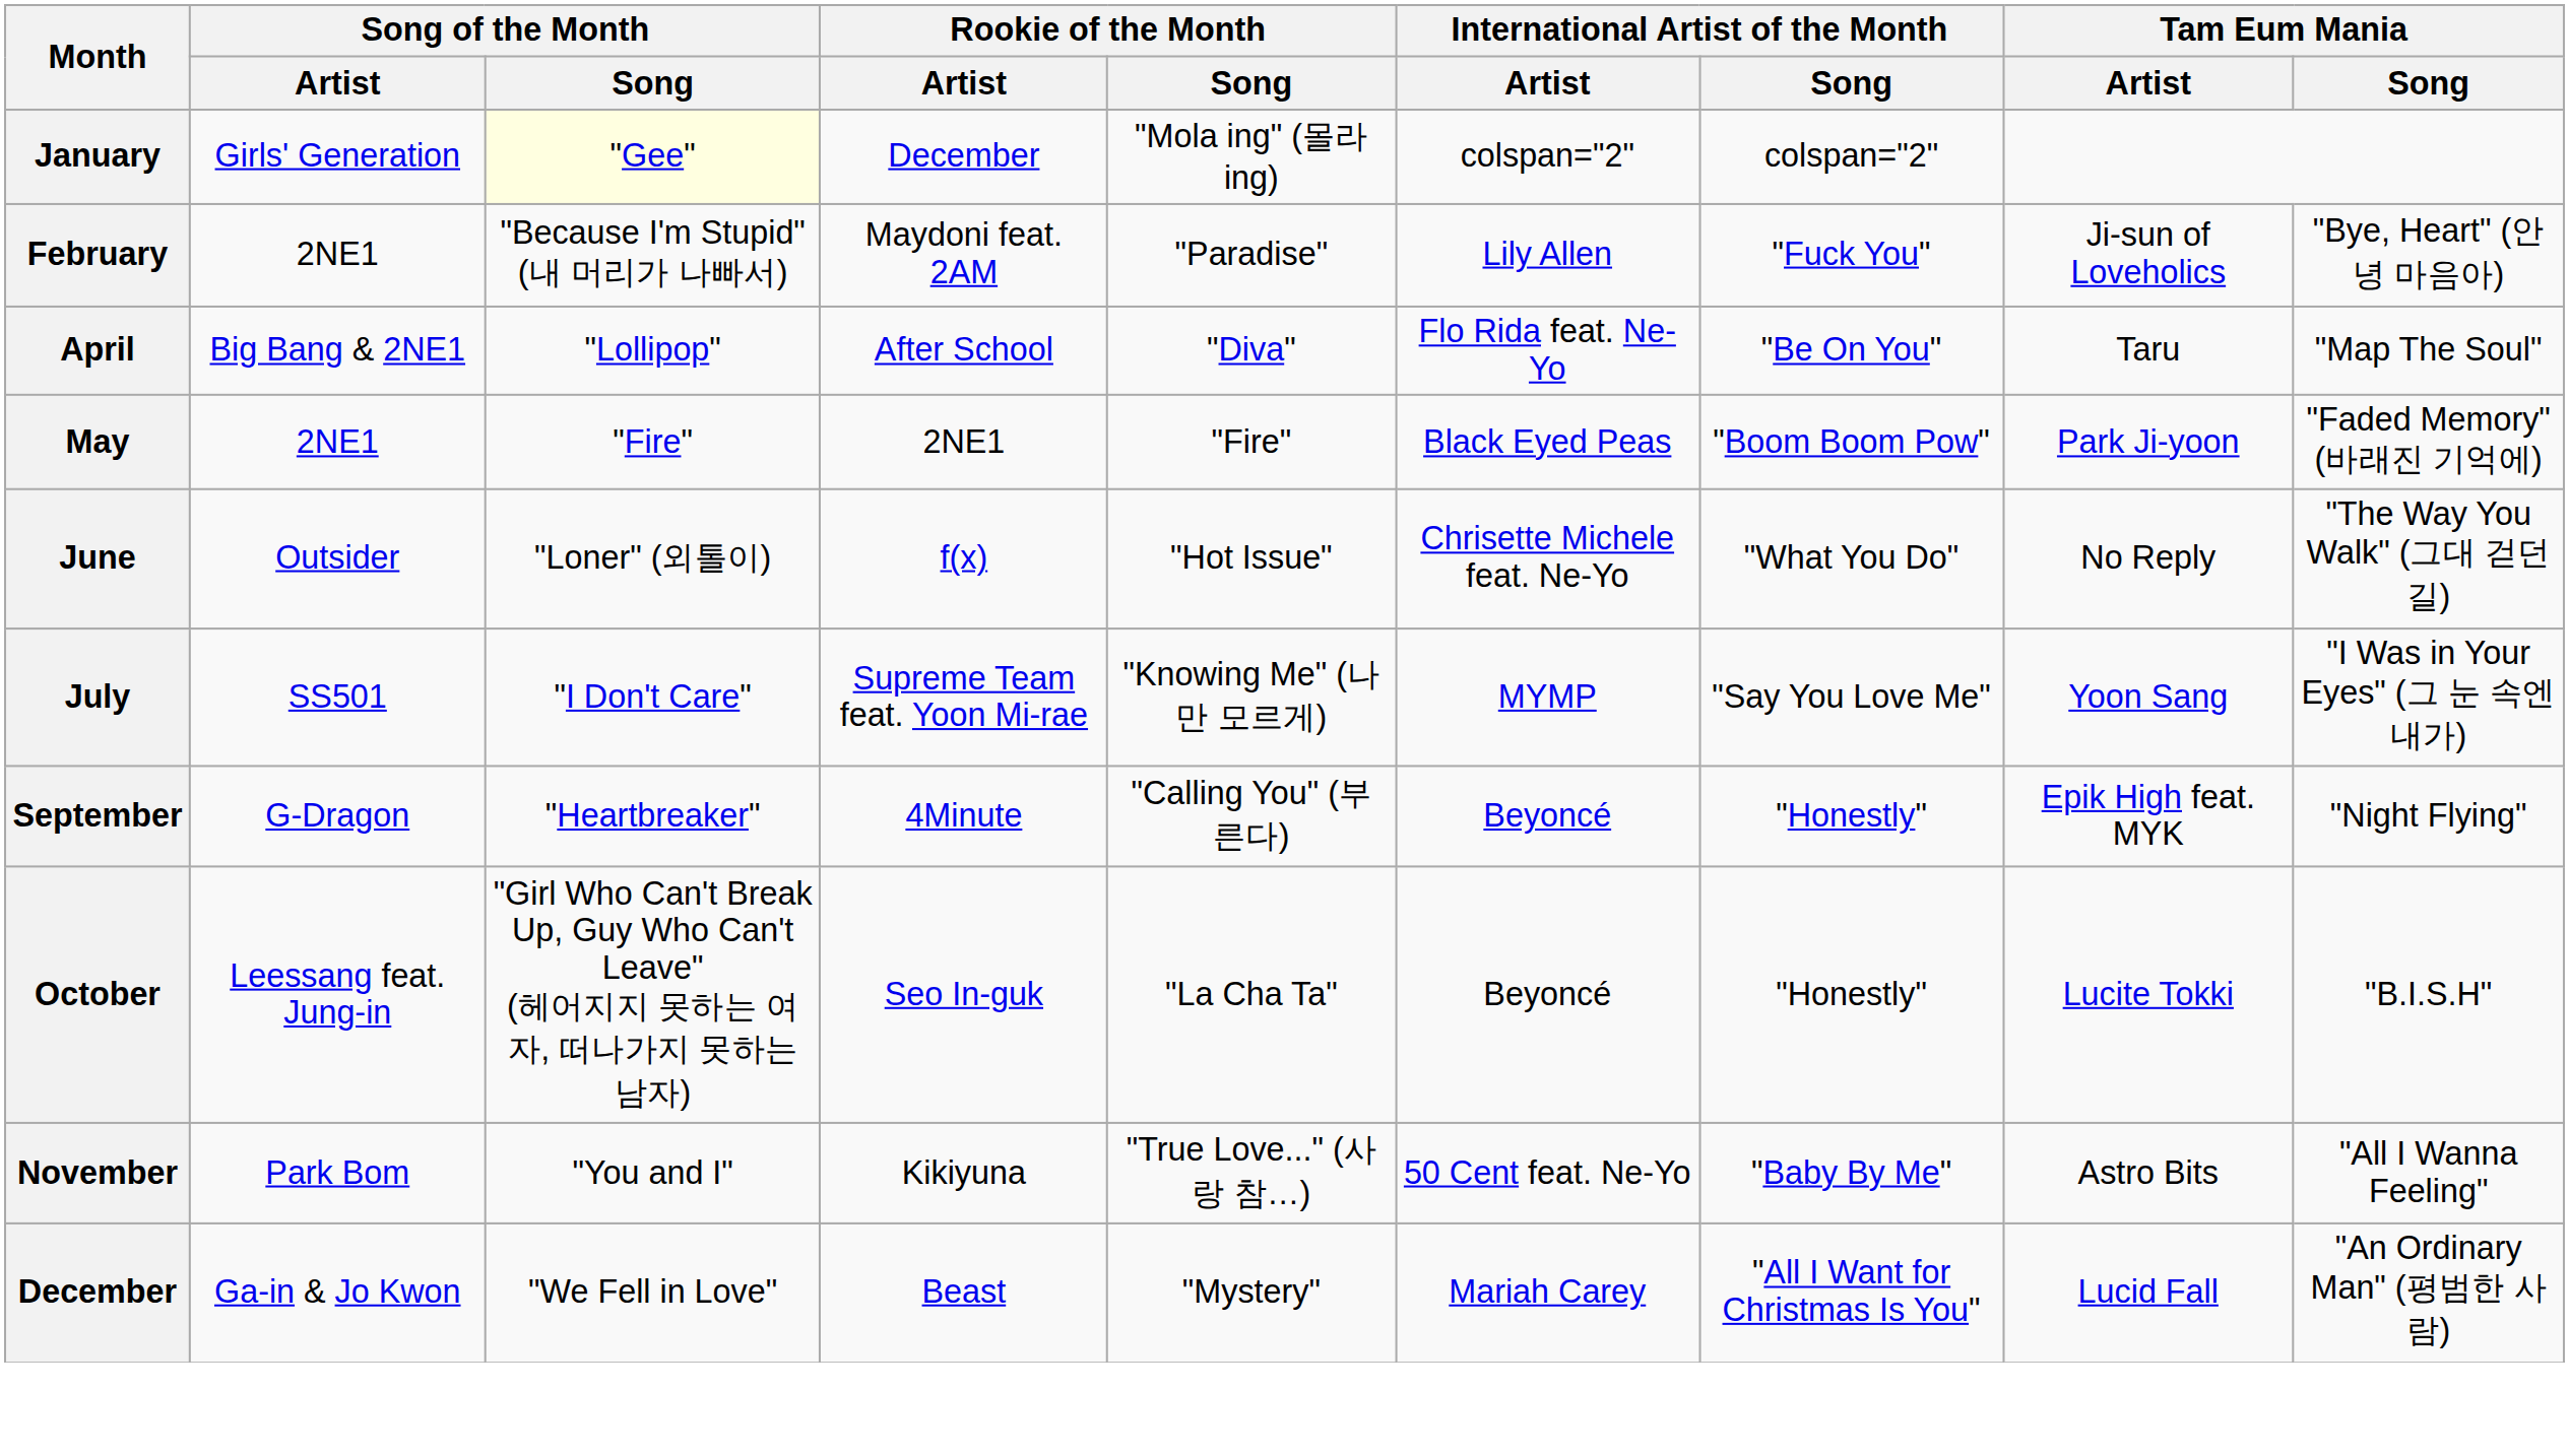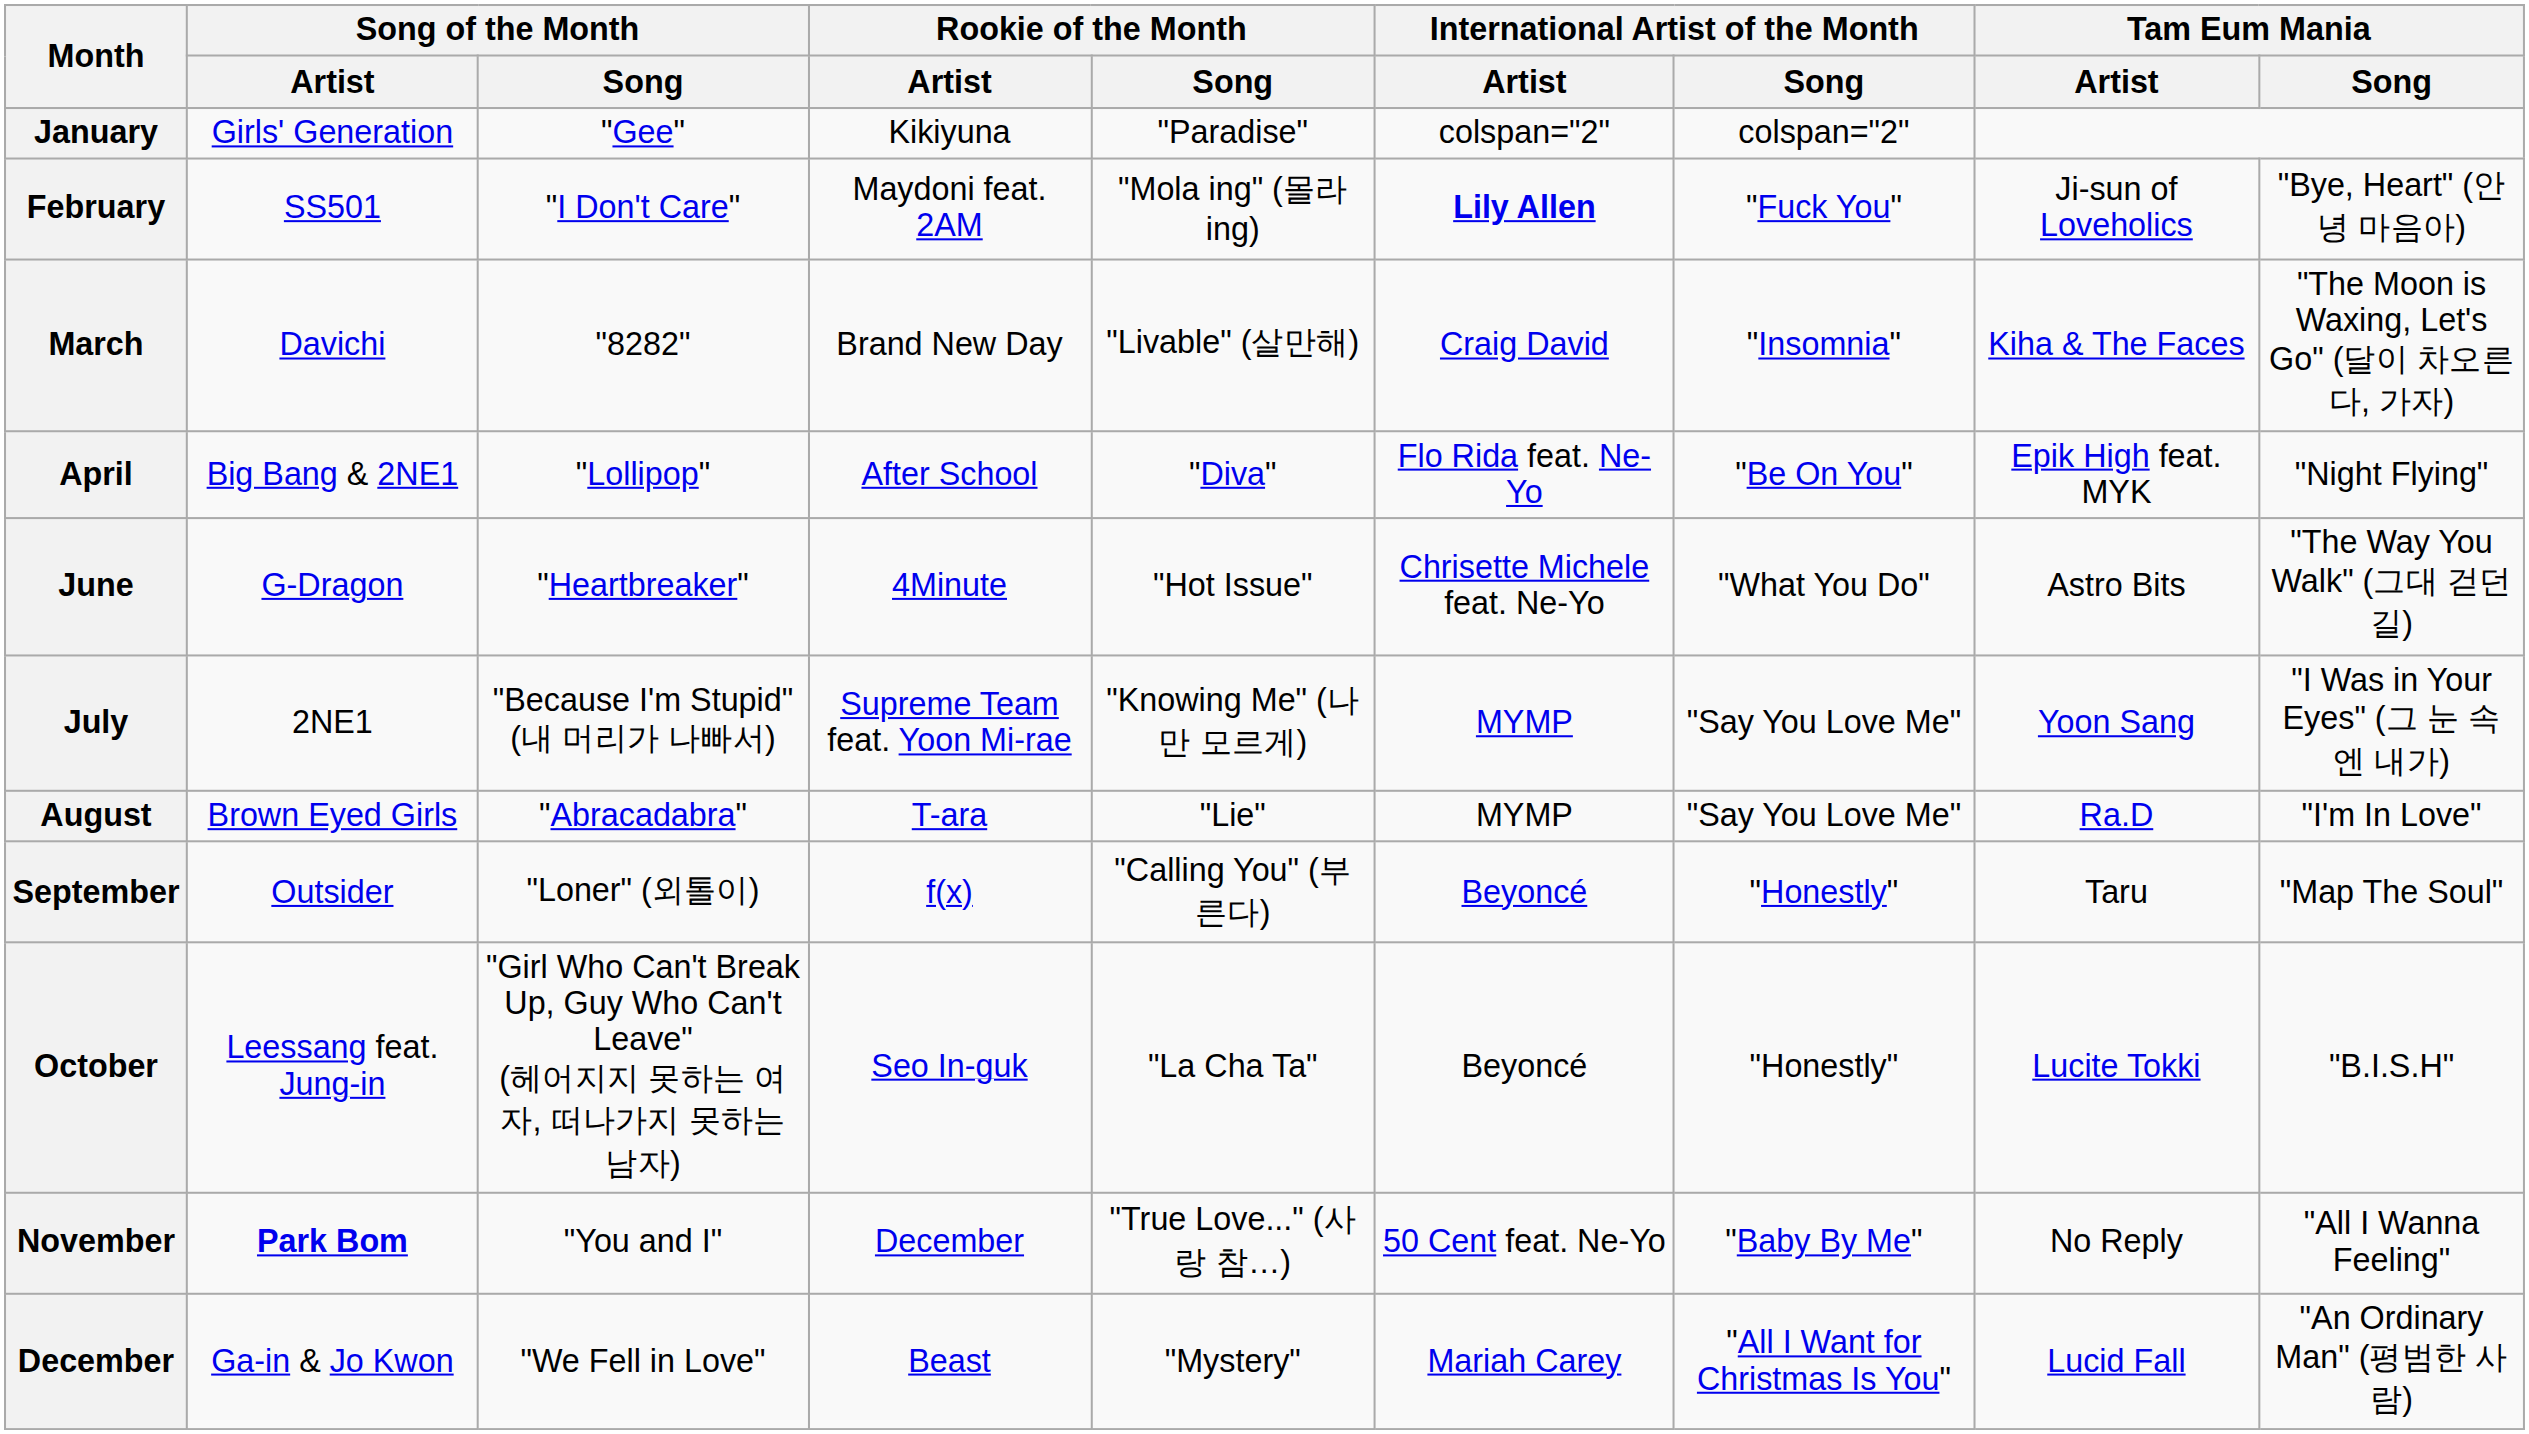 <table class="wikitable plainrowheaders" style="text-align:center;">
 <tr>
 <th rowspan="2" style="width:5em;">Month</th>
 <th colspan="2">Song of the Month</th>
 <th colspan="2">Rookie of the Month</th>
 <th colspan="2">International Artist of the Month</th>
 <th colspan="2">Tam Eum Mania</th>
 </tr>
 <tr>
 <th style="width:20em;">Artist</th>
 <th style="width:20em;">Song</th>
 <th style="width:20em;">Artist</th>
 <th style="width:20em;">Song</th>
 <th style="width:20em;">Artist</th>
 <th style="width:20em;">Song</th>
 <th style="width:20em;">Artist</th>
 <th style="width:20em;">Song</th>
 </tr>
 <tr>
 <th>January</th>
 <td><a href='#'>Girls' Generation</a></td>
-<td style="background: lightyellow;">"<a href='#'>Gee</a>"</td>
-<td><a href='#'>December</a></td>
-<td>"Mola ing" (몰라 ing)</td>
+<td>"<a href='#'>Gee</a>"</td>
+<td>Kikiyuna</td>
+<td>"Paradise"</td>
 <td>colspan="2" </td>
 <td>colspan="2" </td>
 </tr>
 <tr>
 <th>February</th>
-<td>2NE1</td>
-<td>"Because I'm Stupid" (내 머리가 나빠서)</td>
+<td><a href='#'>SS501</a></td>
+<td>"<a href='#'>I Don't Care</a>"</td>
 <td>Maydoni feat. <a href='#'>2AM</a></td>
-<td>"Paradise"</td>
-<td><a href='#'>Lily Allen</a></td>
+<td>"Mola ing" (몰라 ing)</td>
+<td><strong><a href='#'>Lily Allen</a></strong></td>
 <td>"<a href='#'>Fuck You</a>"</td>
 <td>Ji-sun of <a href='#'>Loveholics</a></td>
 <td>"Bye, Heart" (안녕 마음아)</td>
+</tr>
+<tr>
+<th>March</th>
+<td><a href='#'>Davichi</a></td>
+<td>"8282"</td>
+<td>Brand New Day</td>
+<td>"Livable" (살만해)</td>
+<td><a href='#'>Craig David</a></td>
+<td>"<a href='#'>Insomnia</a>"</td>
+<td><a href='#'>Kiha & The Faces</a></td>
+<td>"The Moon is Waxing, Let's Go" (달이 차오른다, 가자)</td>
 </tr>
 <tr>
 <th>April</th>
 <td><a href='#'>Big Bang</a> & <a href='#'>2NE1</a></td>
 <td>"<a href='#'>Lollipop</a>"</td>
 <td><a href='#'>After School</a></td>
 <td>"<a href='#'>Diva</a>"</td>
 <td><a href='#'>Flo Rida</a> feat. <a href='#'>Ne-Yo</a></td>
 <td>"<a href='#'>Be On You</a>"</td>
-<td>Taru</td>
-<td>"Map The Soul"</td>
-</tr>
-<tr>
-<th>May</th>
-<td><a href='#'>2NE1</a></td>
-<td>"<a href='#'>Fire</a>"</td>
-<td>2NE1</td>
-<td>"Fire"</td>
-<td><a href='#'>Black Eyed Peas</a></td>
-<td>"<a href='#'>Boom Boom Pow</a>"</td>
-<td><a href='#'>Park Ji-yoon</a></td>
-<td>"Faded Memory" (바래진 기억에)</td>
+<td><a href='#'>Epik High</a> feat. MYK</td>
+<td>"Night Flying"</td>
 </tr>
 <tr>
 <th>June</th>
-<td><a href='#'>Outsider</a></td>
-<td>"Loner" (외톨이)</td>
-<td><a href='#'>f(x)</a></td>
+<td><a href='#'>G-Dragon</a></td>
+<td>"<a href='#'>Heartbreaker</a>"</td>
+<td><a href='#'>4Minute</a></td>
 <td>"Hot Issue"</td>
 <td><a href='#'>Chrisette Michele</a> feat. Ne-Yo</td>
 <td>"What You Do"</td>
-<td>No Reply</td>
+<td>Astro Bits</td>
 <td>"The Way You Walk" (그대 걷던 길)</td>
 </tr>
 <tr>
 <th>July</th>
-<td><a href='#'>SS501</a></td>
-<td>"<a href='#'>I Don't Care</a>"</td>
+<td>2NE1</td>
+<td>"Because I'm Stupid" (내 머리가 나빠서)</td>
 <td><a href='#'>Supreme Team</a> feat. <a href='#'>Yoon Mi-rae</a></td>
 <td>"Knowing Me" (나만 모르게)</td>
 <td><a href='#'>MYMP</a></td>
 <td>"Say You Love Me"</td>
 <td><a href='#'>Yoon Sang</a></td>
 <td>"I Was in Your Eyes" (그 눈 속엔 내가)</td>
 </tr>
 <tr>
+<th>August</th>
+<td><a href='#'>Brown Eyed Girls</a></td>
+<td>"<a href='#'>Abracadabra</a>"</td>
+<td><a href='#'>T-ara</a></td>
+<td>"Lie"</td>
+<td>MYMP</td>
+<td>"Say You Love Me"</td>
+<td><a href='#'>Ra.D</a></td>
+<td>"I'm In Love"</td>
+</tr>
+<tr>
 <th>September</th>
-<td><a href='#'>G-Dragon</a></td>
-<td>"<a href='#'>Heartbreaker</a>"</td>
-<td><a href='#'>4Minute</a></td>
+<td><a href='#'>Outsider</a></td>
+<td>"Loner" (외톨이)</td>
+<td><a href='#'>f(x)</a></td>
 <td>"Calling You" (부른다)</td>
 <td><a href='#'>Beyoncé</a></td>
 <td>"<a href='#'>Honestly</a>"</td>
-<td><a href='#'>Epik High</a> feat. MYK</td>
-<td>"Night Flying"</td>
+<td>Taru</td>
+<td>"Map The Soul"</td>
 </tr>
 <tr>
 <th>October</th>
 <td><a href='#'>Leessang</a> feat. <a href='#'>Jung-in</a></td>
 <td>"Girl Who Can't Break Up, Guy Who Can't Leave"<br>(헤어지지 못하는 여자, 떠나가지 못하는 남자)</td>
 <td><a href='#'>Seo In-guk</a></td>
 <td>"La Cha Ta"</td>
 <td>Beyoncé</td>
 <td>"Honestly"</td>
 <td><a href='#'>Lucite Tokki</a></td>
 <td>"B.I.S.H"</td>
 </tr>
 <tr>
 <th>November</th>
-<td><a href='#'>Park Bom</a></td>
+<td><strong><a href='#'>Park Bom</a></strong></td>
 <td>"You and I"</td>
-<td>Kikiyuna</td>
+<td><a href='#'>December</a></td>
 <td>"True Love..." (사랑 참…)</td>
 <td><a href='#'>50 Cent</a> feat. Ne-Yo</td>
 <td>"<a href='#'>Baby By Me</a>"</td>
-<td>Astro Bits</td>
+<td>No Reply</td>
 <td>"All I Wanna Feeling"</td>
 </tr>
 <tr>
 <th>December</th>
 <td><a href='#'>Ga-in</a> & <a href='#'>Jo Kwon</a></td>
 <td>"We Fell in Love"</td>
 <td><a href='#'>Beast</a></td>
 <td>"Mystery"</td>
 <td><a href='#'>Mariah Carey</a></td>
 <td>"<a href='#'>All I Want for Christmas Is You</a>"</td>
 <td><a href='#'>Lucid Fall</a></td>
 <td>"An Ordinary Man" (평범한 사람)</td>
 </tr>
 </table>
